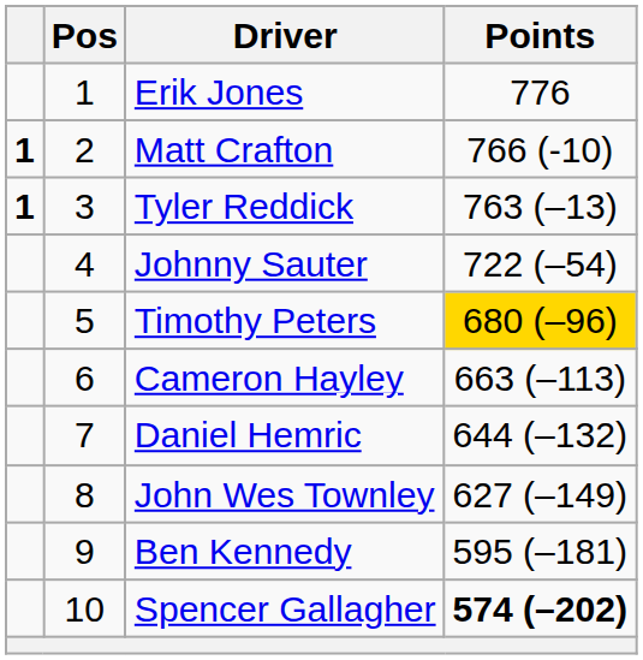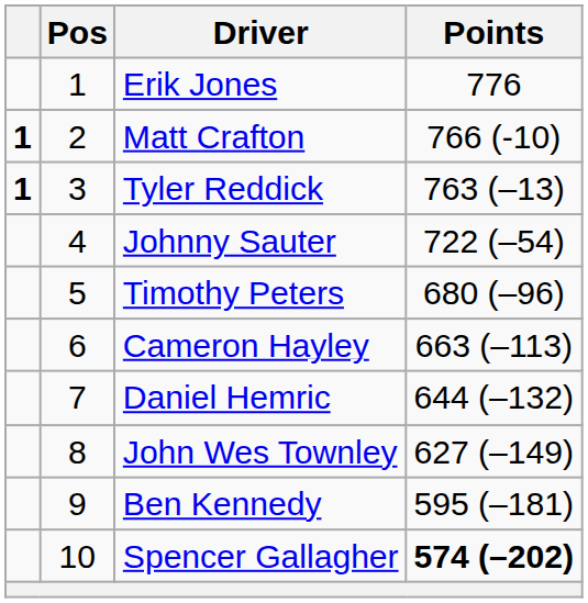 <table class="wikitable" style="font-size: 95%;">
 <tr>
 <th></th>
 <th>Pos</th>
 <th>Driver</th>
 <th>Points</th>
 </tr>
 <tr>
 <td align="left"></td>
 <td style="text-align:center;">1</td>
 <td><a href='#'>Erik Jones</a></td>
 <td style="text-align:center;">776</td>
 </tr>
 <tr>
 <td align="left"> <strong>1</strong></td>
 <td style="text-align:center;">2</td>
 <td><a href='#'>Matt Crafton</a></td>
 <td style="text-align:center;">766 (-10)</td>
 </tr>
 <tr>
 <td align="left"> <strong>1</strong></td>
 <td style="text-align:center;">3</td>
 <td><a href='#'>Tyler Reddick</a></td>
 <td style="text-align:center;">763 (–13)</td>
 </tr>
 <tr>
 <td align="left"></td>
 <td style="text-align:center;">4</td>
 <td><a href='#'>Johnny Sauter</a></td>
 <td style="text-align:center;">722 (–54)</td>
 </tr>
 <tr>
 <td align="left"></td>
 <td style="text-align:center;">5</td>
 <td><a href='#'>Timothy Peters</a></td>
-<td style="background: gold; text-align:center;">680 (–96)</td>
+<td style="text-align:center;">680 (–96)</td>
 </tr>
 <tr>
 <td align="left"></td>
 <td style="text-align:center;">6</td>
 <td><a href='#'>Cameron Hayley</a></td>
 <td style="text-align:center;">663 (–113)</td>
 </tr>
 <tr>
 <td align="left"></td>
 <td style="text-align:center;">7</td>
 <td><a href='#'>Daniel Hemric</a></td>
 <td style="text-align:center;">644 (–132)</td>
 </tr>
 <tr>
 <td align="left"></td>
 <td style="text-align:center;">8</td>
 <td><a href='#'>John Wes Townley</a></td>
 <td style="text-align:center;">627 (–149)</td>
 </tr>
 <tr>
 <td align="left"></td>
 <td style="text-align:center;">9</td>
 <td><a href='#'>Ben Kennedy</a></td>
 <td style="text-align:center;">595 (–181)</td>
 </tr>
 <tr>
 <td align="left"></td>
 <td style="text-align:center;">10</td>
 <td><a href='#'>Spencer Gallagher</a></td>
 <td style="text-align:center;"><strong>574 (–202)</strong></td>
 </tr>
 <tr>
 <th colspan="9"></th>
 </tr>
 </table>
